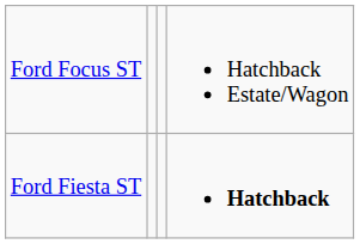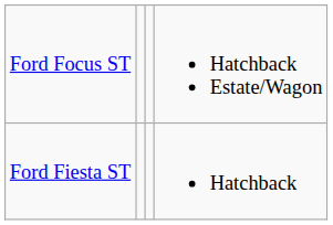 <table class="wikitable">
 <tr>
 <td><a href='#'>Ford Focus ST</a></td>
 <td></td>
 <td></td>
 <td><br><ul><li>Hatchback</li><li>Estate/Wagon</li></ul></td>
 </tr>
 <tr>
 <td><a href='#'>Ford Fiesta ST</a></td>
 <td></td>
 <td></td>
-<td><strong><br><ul><li>Hatchback</li></ul></strong></td>
+<td><br><ul><li>Hatchback</li></ul></td>
 </tr>
 </table>
